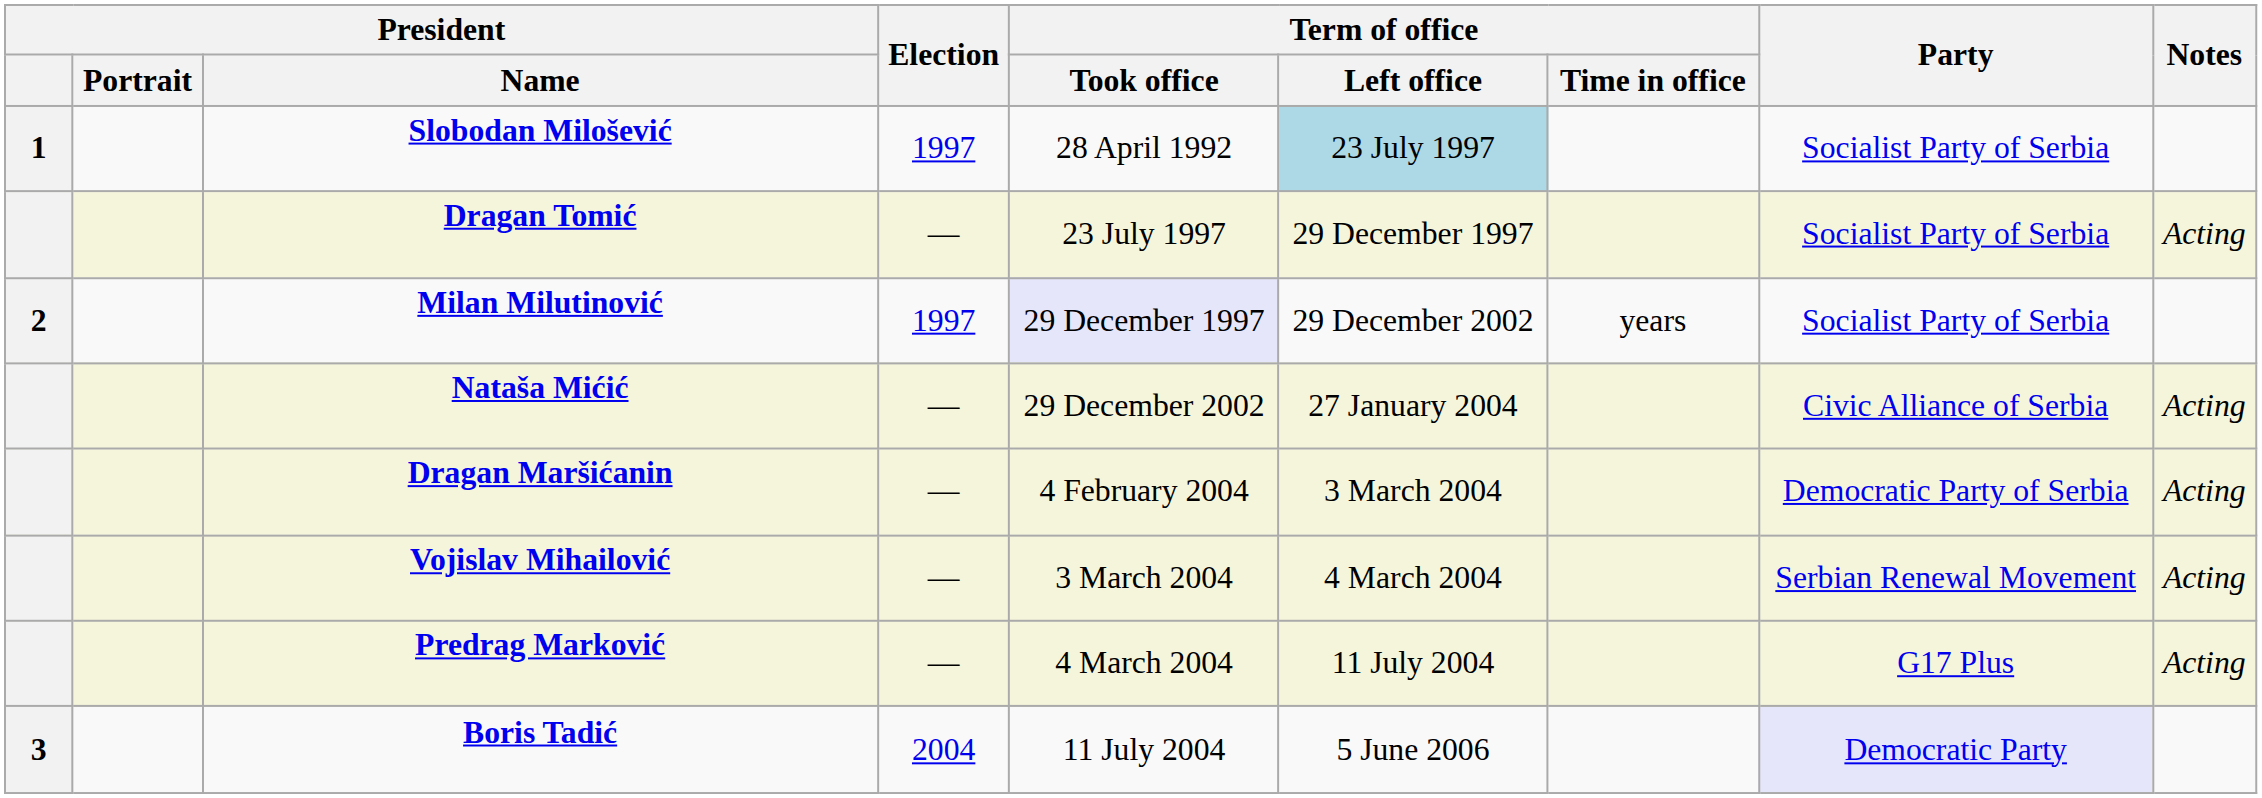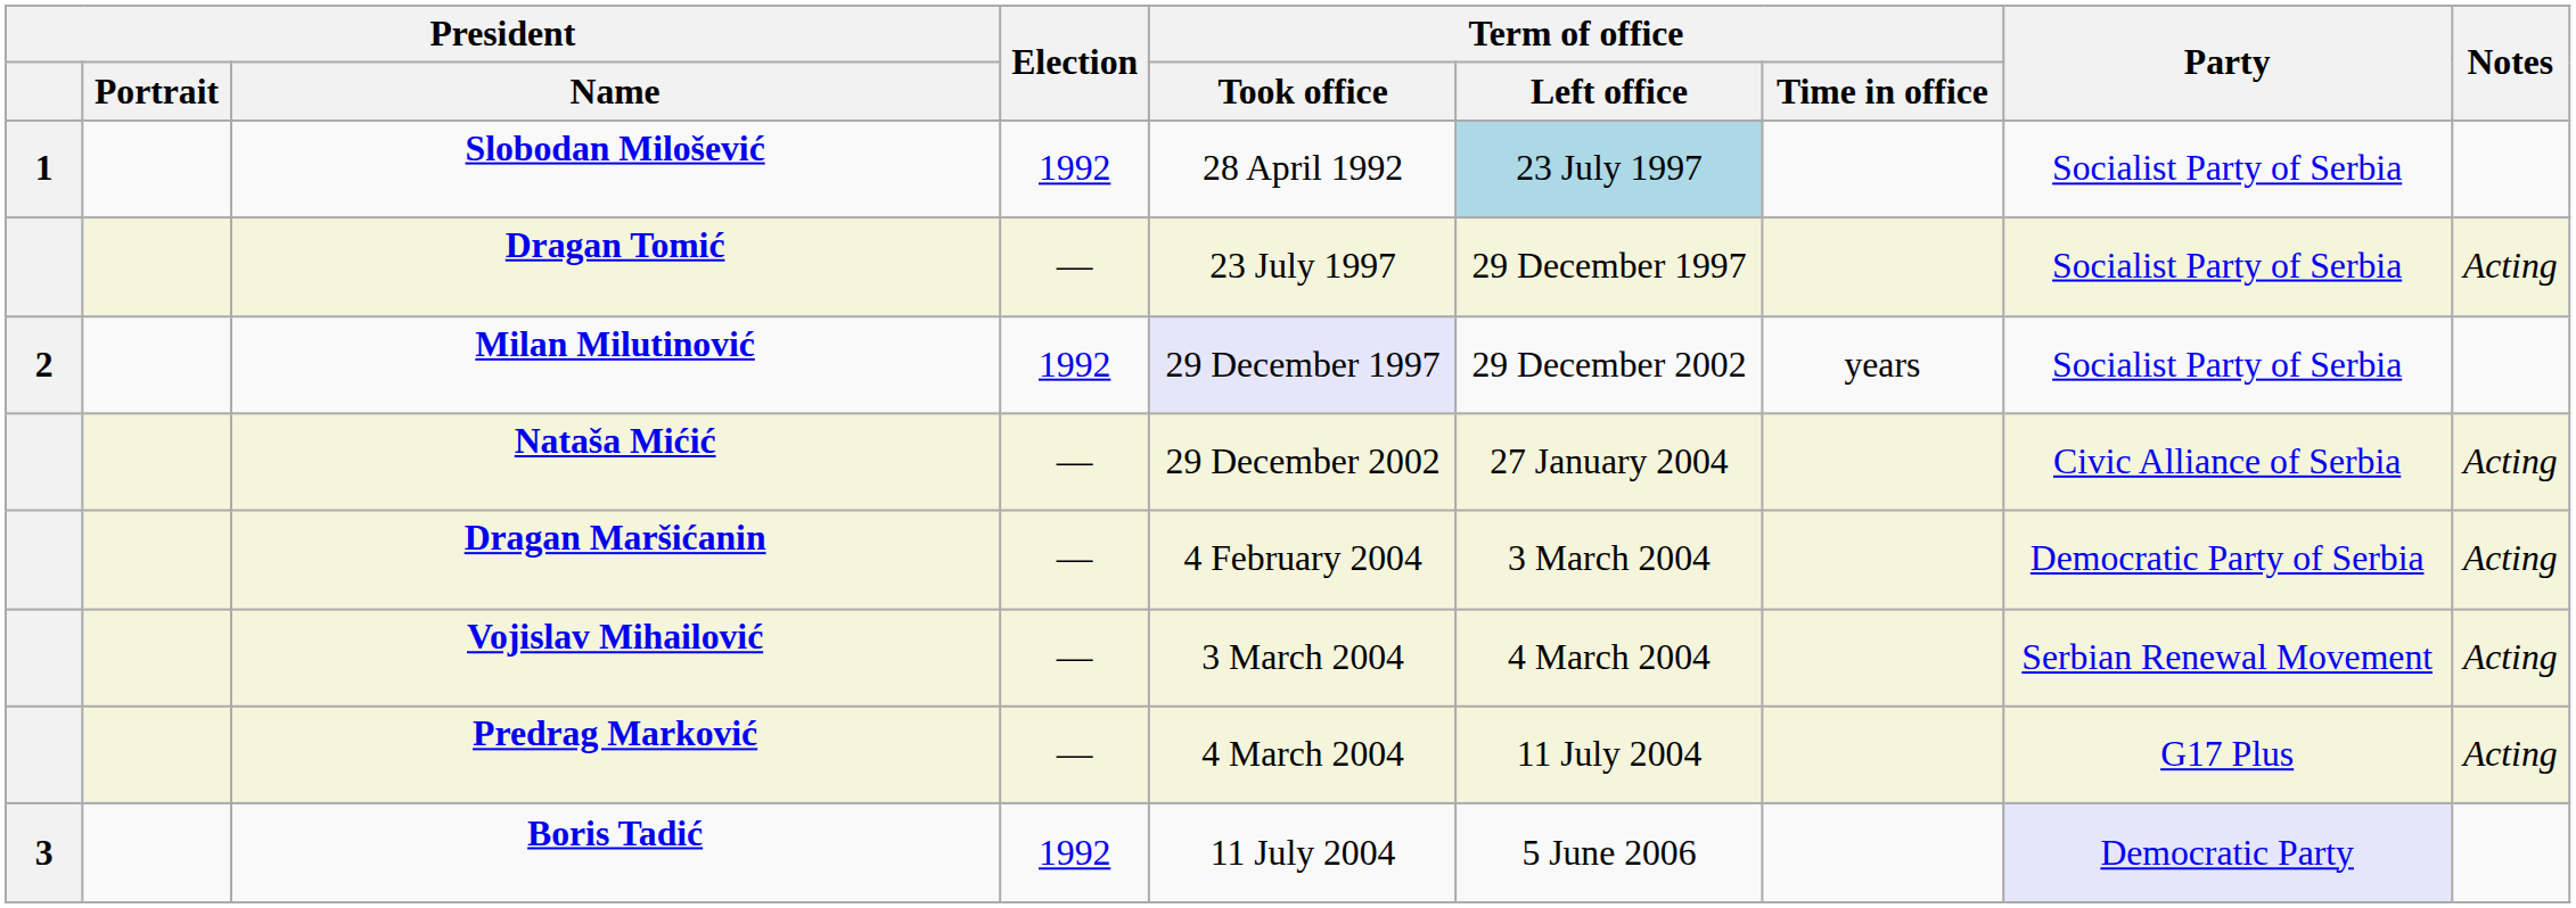 <table class="wikitable" style="text-align:center; width:90%">
 <tr>
 <th colspan=3>President</th>
 <th rowspan=2>Election</th>
 <th colspan=3>Term of office</th>
 <th rowspan=2>Party</th>
 <th rowspan=2>Notes</th>
 </tr>
 <tr>
 <th width=3%></th>
 <th>Portrait</th>
 <th width=30%>Name<br></th>
 <th>Took office</th>
 <th>Left office</th>
 <th>Time in office</th>
 </tr>
 <tr>
 <th style="background:">1<br></th>
 <td></td>
 <td><strong><a href='#'>Slobodan Milošević</a></strong><br><br></td>
-<td><a href='#'>1997</a></td>
+<td><a href='#'>1992</a></td>
 <td>28 April 1992</td>
 <td style="background: lightblue;">23 July 1997</td>
 <td></td>
 <td><a href='#'>Socialist Party of Serbia</a></td>
 <td></td>
 </tr>
 <tr style="background:#F5F5DC;">
 <th style="background:"></th>
 <td></td>
 <td><strong><a href='#'>Dragan Tomić</a></strong><br><br></td>
 <td>—</td>
 <td>23 July 1997</td>
 <td>29 December 1997</td>
 <td></td>
 <td><a href='#'>Socialist Party of Serbia</a></td>
 <td><em>Acting</em></td>
 </tr>
 <tr>
 <th style="background:">2<br></th>
 <td></td>
 <td><strong><a href='#'>Milan Milutinović</a></strong><br><br></td>
-<td><a href='#'>1997</a></td>
+<td><a href='#'>1992</a></td>
 <td style="background: lavender;">29 December 1997</td>
 <td>29 December 2002</td>
 <td> years</td>
 <td><a href='#'>Socialist Party of Serbia</a></td>
 <td></td>
 </tr>
 <tr style="background:#F5F5DC;">
 <th style="background:"></th>
 <td></td>
 <td><strong><a href='#'>Nataša Mićić</a></strong><br><br></td>
 <td>—</td>
 <td>29 December 2002</td>
 <td>27 January 2004</td>
 <td></td>
 <td><a href='#'>Civic Alliance of Serbia</a></td>
 <td><em>Acting</em></td>
 </tr>
 <tr style="background:#F5F5DC;">
 <th style="background:"></th>
 <td></td>
 <td><strong><a href='#'>Dragan Maršićanin</a></strong><br><br></td>
 <td>—</td>
 <td>4 February 2004</td>
 <td>3 March 2004</td>
 <td></td>
 <td><a href='#'>Democratic Party of Serbia</a></td>
 <td><em>Acting</em></td>
 </tr>
 <tr style="background:#F5F5DC;">
 <th style="background:"></th>
 <td></td>
 <td><strong><a href='#'>Vojislav Mihailović</a></strong><br><br></td>
 <td>—</td>
 <td>3 March 2004</td>
 <td>4 March 2004</td>
 <td></td>
 <td><a href='#'>Serbian Renewal Movement</a></td>
 <td><em>Acting</em></td>
 </tr>
 <tr style="background:#F5F5DC;">
 <th style="background:"></th>
 <td></td>
 <td><strong><a href='#'>Predrag Marković</a></strong><br><br></td>
 <td>—</td>
 <td>4 March 2004</td>
 <td>11 July 2004</td>
 <td></td>
 <td><a href='#'>G17 Plus</a></td>
 <td><em>Acting</em></td>
 </tr>
 <tr>
 <th style="background:">3<br></th>
 <td></td>
 <td><strong><a href='#'>Boris Tadić</a></strong><br><br></td>
-<td><a href='#'>2004</a></td>
+<td><a href='#'>1992</a></td>
 <td>11 July 2004</td>
 <td>5 June 2006</td>
 <td></td>
 <td style="background: lavender;"><a href='#'>Democratic Party</a></td>
 <td></td>
 </tr>
 </table>
